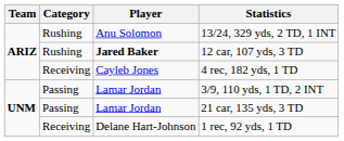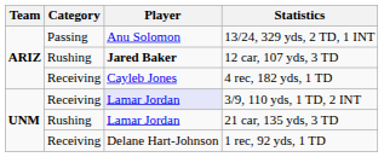 <table class="wikitable">
 <tr>
 <th>Team</th>
 <th>Category</th>
 <th>Player</th>
 <th>Statistics</th>
 </tr>
 <tr>
 <td rowspan=3><strong>ARIZ</strong></td>
-<td>Rushing</td>
+<td>Passing</td>
 <td><a href='#'>Anu Solomon</a></td>
 <td>13/24, 329 yds, 2 TD, 1 INT</td>
 </tr>
 <tr>
 <td>Rushing</td>
 <td><strong>Jared Baker</strong></td>
 <td>12 car, 107 yds, 3 TD</td>
 </tr>
 <tr>
 <td>Receiving</td>
 <td><a href='#'>Cayleb Jones</a></td>
 <td>4 rec, 182 yds, 1 TD</td>
 </tr>
 <tr>
 <td rowspan=3><strong>UNM</strong></td>
-<td>Passing</td>
-<td><a href='#'>Lamar Jordan</a></td>
+<td>Receiving</td>
+<td style="background: lavender;"><a href='#'>Lamar Jordan</a></td>
 <td>3/9, 110 yds, 1 TD, 2 INT</td>
 </tr>
 <tr>
-<td>Passing</td>
+<td>Rushing</td>
 <td><a href='#'>Lamar Jordan</a></td>
 <td>21 car, 135 yds, 3 TD</td>
 </tr>
 <tr>
 <td>Receiving</td>
 <td>Delane Hart-Johnson</td>
 <td>1 rec, 92 yds, 1 TD</td>
 </tr>
 </table>
